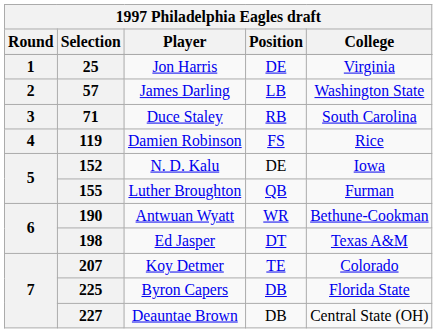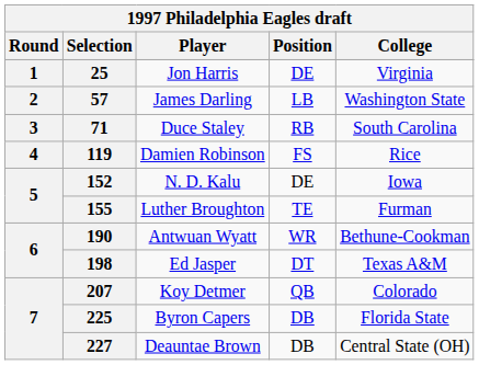 <table class="wikitable" style="text-align:center">
 <tr>
 <th colspan=6>1997 Philadelphia Eagles draft</th>
 </tr>
 <tr>
 <th>Round</th>
 <th>Selection</th>
 <th>Player</th>
 <th>Position</th>
 <th>College</th>
 </tr>
 <tr>
 </tr>
 <tr align=center>
 <th>1</th>
 <th>25</th>
 <td><a href='#'>Jon Harris</a></td>
 <td><a href='#'>DE</a></td>
 <td><a href='#'>Virginia</a></td>
 </tr>
 <tr align=center>
 <th>2</th>
 <th>57</th>
 <td><a href='#'>James Darling</a></td>
 <td><a href='#'>LB</a></td>
 <td><a href='#'>Washington State</a></td>
 </tr>
 <tr align=center>
 <th>3</th>
 <th>71</th>
 <td><a href='#'>Duce Staley</a></td>
 <td><a href='#'>RB</a></td>
 <td><a href='#'>South Carolina</a></td>
 </tr>
 <tr align=center>
 <th>4</th>
 <th>119</th>
 <td><a href='#'>Damien Robinson</a></td>
 <td><a href='#'>FS</a></td>
 <td><a href='#'>Rice</a></td>
 </tr>
 <tr align=center>
 <th rowspan="2">5</th>
 <th>152</th>
 <td><a href='#'>N. D. Kalu</a></td>
 <td>DE</td>
 <td><a href='#'>Iowa</a></td>
 </tr>
 <tr align=center>
 <th>155</th>
 <td><a href='#'>Luther Broughton</a></td>
-<td><a href='#'>QB</a></td>
+<td><a href='#'>TE</a></td>
 <td><a href='#'>Furman</a></td>
 </tr>
 <tr align=center>
 <th rowspan="2">6</th>
 <th>190</th>
 <td><a href='#'>Antwuan Wyatt</a></td>
 <td><a href='#'>WR</a></td>
 <td><a href='#'>Bethune-Cookman</a></td>
 </tr>
 <tr align=center>
 <th>198</th>
 <td><a href='#'>Ed Jasper</a></td>
 <td><a href='#'>DT</a></td>
 <td><a href='#'>Texas A&M</a></td>
 </tr>
 <tr align=center>
 <th rowspan="5">7</th>
 <th>207</th>
 <td><a href='#'>Koy Detmer</a></td>
-<td><a href='#'>TE</a></td>
+<td><a href='#'>QB</a></td>
 <td><a href='#'>Colorado</a></td>
 </tr>
 <tr align=center>
 <th>225</th>
 <td><a href='#'>Byron Capers</a></td>
 <td><a href='#'>DB</a></td>
 <td><a href='#'>Florida State</a></td>
 </tr>
 <tr align=center>
 <th>227</th>
 <td><a href='#'>Deauntae Brown</a></td>
 <td>DB</td>
 <td>Central State (OH)</td>
 </tr>
 </table>
